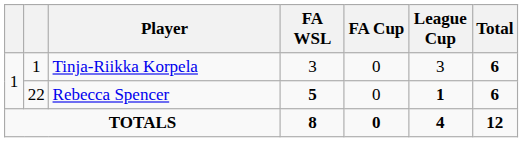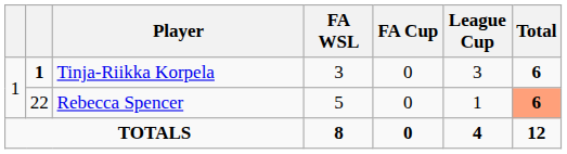 <table class="wikitable sortable" style="font-size: 95%; text-align: center;">
 <tr>
 <th width=10></th>
 <th width=10></th>
 <th width=200>Player</th>
 <th width=50>FA WSL</th>
 <th width=50>FA Cup</th>
 <th width=50>League Cup</th>
 <th>Total</th>
 </tr>
 <tr>
 <td rowspan=2>1</td>
-<td>1</td>
+<td><strong>1</strong></td>
 <td align="left"> <a href='#'>Tinja-Riikka Korpela</a></td>
 <td>3</td>
 <td>0</td>
 <td>3</td>
 <td><strong>6</strong></td>
 </tr>
 <tr>
 <td>22</td>
 <td align="left"> <a href='#'>Rebecca Spencer</a></td>
-<td><strong>5</strong></td>
+<td>5</td>
 <td>0</td>
-<td><strong>1</strong></td>
-<td><strong>6</strong></td>
+<td>1</td>
+<td style="background: lightsalmon;"><strong>6</strong></td>
 </tr>
 <tr>
 <td colspan="3"><strong>TOTALS</strong></td>
 <td><strong>8</strong></td>
 <td><strong>0</strong></td>
 <td><strong>4</strong></td>
 <td><strong>12</strong></td>
 </tr>
 </table>
